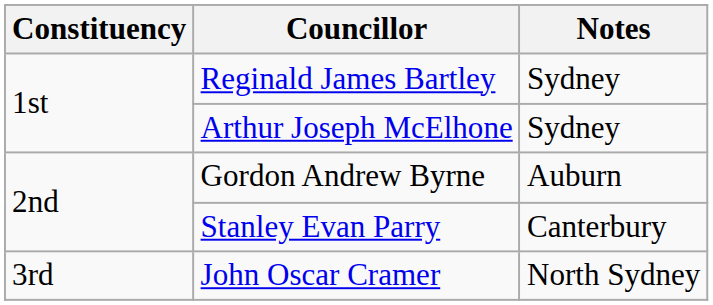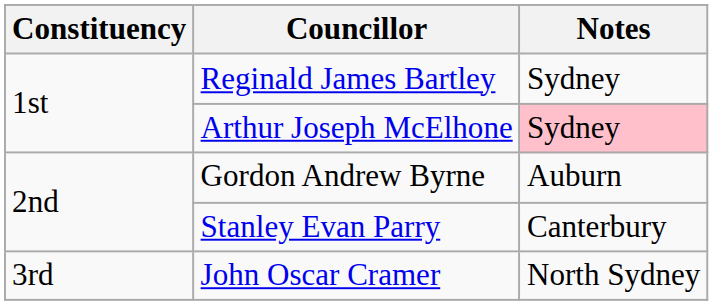 <table class="wikitable">
 <tr>
 <th>Constituency</th>
 <th>Councillor</th>
 <th>Notes</th>
 </tr>
 <tr>
 <td rowspan="2">1st</td>
 <td><a href='#'>Reginald James Bartley</a></td>
 <td>Sydney</td>
 </tr>
 <tr>
 <td><a href='#'>Arthur Joseph McElhone</a></td>
-<td>Sydney</td>
+<td style="background: pink;">Sydney</td>
 </tr>
 <tr>
 <td rowspan="2">2nd</td>
 <td>Gordon Andrew Byrne</td>
 <td>Auburn</td>
 </tr>
 <tr>
 <td><a href='#'>Stanley Evan Parry</a></td>
 <td>Canterbury</td>
 </tr>
 <tr>
 <td>3rd</td>
 <td><a href='#'>John Oscar Cramer</a></td>
 <td>North Sydney</td>
 </tr>
 </table>
